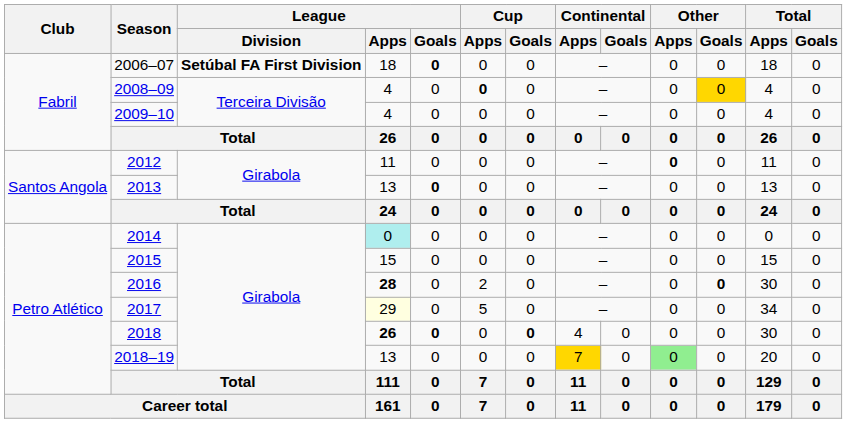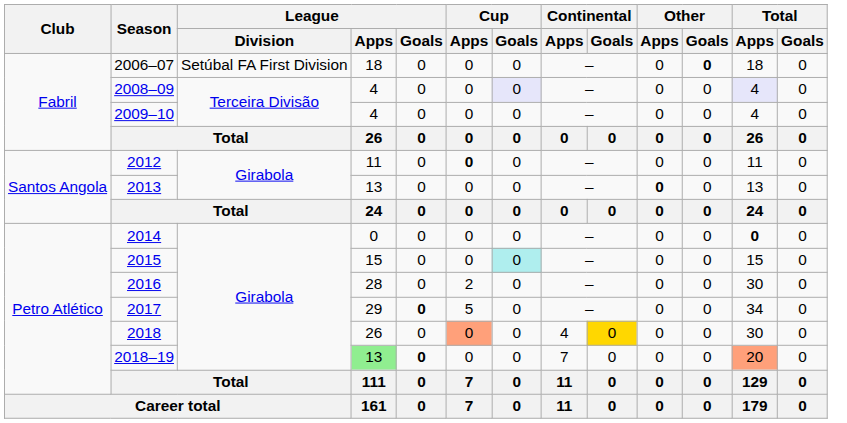 <table class="wikitable" style="text-align: center">
 <tr>
 <th rowspan="2">Club</th>
 <th rowspan="2">Season</th>
 <th colspan="3">League</th>
 <th colspan="2">Cup</th>
 <th colspan="2">Continental</th>
 <th colspan="2">Other</th>
 <th colspan="2">Total</th>
 </tr>
 <tr>
 <th>Division</th>
 <th>Apps</th>
 <th>Goals</th>
 <th>Apps</th>
 <th>Goals</th>
 <th>Apps</th>
 <th>Goals</th>
 <th>Apps</th>
 <th>Goals</th>
 <th>Apps</th>
 <th>Goals</th>
 </tr>
 <tr>
 <td rowspan="4"><a href='#'>Fabril</a></td>
 <td>2006–07</td>
-<td><strong>Setúbal FA First Division</strong></td>
+<td>Setúbal FA First Division</td>
 <td>18</td>
-<td><strong>0</strong></td>
+<td>0</td>
 <td>0</td>
 <td>0</td>
 <td colspan="2">–</td>
 <td>0</td>
-<td>0</td>
+<td><strong>0</strong></td>
 <td>18</td>
 <td>0</td>
 </tr>
 <tr>
 <td><a href='#'>2008–09</a></td>
 <td rowspan="2"><a href='#'>Terceira Divisão</a></td>
 <td>4</td>
 <td>0</td>
-<td><strong>0</strong></td>
 <td>0</td>
+<td style="background: lavender;">0</td>
 <td colspan="2">–</td>
 <td>0</td>
-<td style="background: gold;">0</td>
-<td>4</td>
+<td>0</td>
+<td style="background: lavender;">4</td>
 <td>0</td>
 </tr>
 <tr>
 <td><a href='#'>2009–10</a></td>
 <td>4</td>
 <td>0</td>
 <td>0</td>
 <td>0</td>
 <td colspan="2">–</td>
 <td>0</td>
 <td>0</td>
 <td>4</td>
 <td>0</td>
 </tr>
 <tr>
 <th colspan="2"><strong>Total</strong></th>
 <th>26</th>
 <th>0</th>
 <th>0</th>
 <th>0</th>
 <th>0</th>
 <th>0</th>
 <th>0</th>
 <th>0</th>
 <th>26</th>
 <th>0</th>
 </tr>
 <tr>
 <td rowspan="3"><a href='#'>Santos Angola</a></td>
 <td><a href='#'>2012</a></td>
 <td rowspan="2"><a href='#'>Girabola</a></td>
 <td>11</td>
 <td>0</td>
-<td>0</td>
+<td><strong>0</strong></td>
 <td>0</td>
 <td colspan="2">–</td>
-<td><strong>0</strong></td>
+<td>0</td>
 <td>0</td>
 <td>11</td>
 <td>0</td>
 </tr>
 <tr>
 <td><a href='#'>2013</a></td>
 <td>13</td>
-<td><strong>0</strong></td>
+<td>0</td>
 <td>0</td>
 <td>0</td>
 <td colspan="2">–</td>
-<td>0</td>
+<td><strong>0</strong></td>
 <td>0</td>
 <td>13</td>
 <td>0</td>
 </tr>
 <tr>
 <th colspan="2"><strong>Total</strong></th>
 <th>24</th>
 <th>0</th>
 <th>0</th>
 <th>0</th>
 <th>0</th>
 <th>0</th>
 <th>0</th>
 <th>0</th>
 <th>24</th>
 <th>0</th>
 </tr>
 <tr>
 <td rowspan="7"><a href='#'>Petro Atlético</a></td>
 <td><a href='#'>2014</a></td>
 <td rowspan="6"><a href='#'>Girabola</a></td>
-<td style="background: paleturquoise;">0</td>
+<td>0</td>
 <td>0</td>
 <td>0</td>
 <td>0</td>
 <td colspan="2">–</td>
 <td>0</td>
 <td>0</td>
-<td>0</td>
+<td><strong>0</strong></td>
 <td>0</td>
 </tr>
 <tr>
 <td><a href='#'>2015</a></td>
 <td>15</td>
 <td>0</td>
 <td>0</td>
-<td>0</td>
+<td style="background: paleturquoise;">0</td>
 <td colspan="2">–</td>
 <td>0</td>
 <td>0</td>
 <td>15</td>
 <td>0</td>
 </tr>
 <tr>
 <td><a href='#'>2016</a></td>
-<td><strong>28</strong></td>
+<td>28</td>
 <td>0</td>
 <td>2</td>
 <td>0</td>
 <td colspan="2">–</td>
 <td>0</td>
-<td><strong>0</strong></td>
+<td>0</td>
 <td>30</td>
 <td>0</td>
 </tr>
 <tr>
 <td><a href='#'>2017</a></td>
-<td style="background: lightyellow;">29</td>
-<td>0</td>
+<td>29</td>
+<td><strong>0</strong></td>
 <td>5</td>
 <td>0</td>
 <td colspan="2">–</td>
 <td>0</td>
 <td>0</td>
 <td>34</td>
 <td>0</td>
 </tr>
 <tr>
 <td><a href='#'>2018</a></td>
-<td><strong>26</strong></td>
-<td><strong>0</strong></td>
+<td>26</td>
 <td>0</td>
-<td><strong>0</strong></td>
+<td style="background: lightsalmon;">0</td>
+<td>0</td>
 <td>4</td>
-<td>0</td>
+<td style="background: gold;">0</td>
 <td>0</td>
 <td>0</td>
 <td>30</td>
 <td>0</td>
 </tr>
 <tr>
 <td><a href='#'>2018–19</a></td>
-<td>13</td>
+<td style="background: lightgreen;">13</td>
+<td><strong>0</strong></td>
+<td>0</td>
+<td>0</td>
+<td>7</td>
 <td>0</td>
 <td>0</td>
 <td>0</td>
-<td style="background: gold;">7</td>
-<td>0</td>
-<td style="background: lightgreen;">0</td>
-<td>0</td>
-<td>20</td>
+<td style="background: lightsalmon;">20</td>
 <td>0</td>
 </tr>
 <tr>
 <th colspan="2"><strong>Total</strong></th>
 <th>111</th>
 <th>0</th>
 <th>7</th>
 <th>0</th>
 <th>11</th>
 <th>0</th>
 <th>0</th>
 <th>0</th>
 <th>129</th>
 <th>0</th>
 </tr>
 <tr>
 <th colspan="3"><strong>Career total</strong></th>
 <th>161</th>
 <th>0</th>
 <th>7</th>
 <th>0</th>
 <th>11</th>
 <th>0</th>
 <th>0</th>
 <th>0</th>
 <th>179</th>
 <th>0</th>
 </tr>
 </table>
